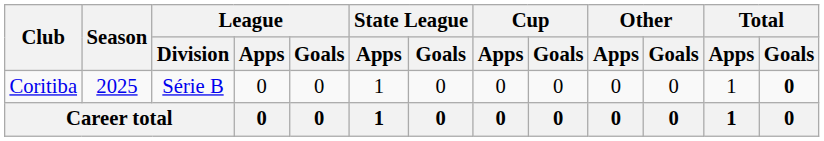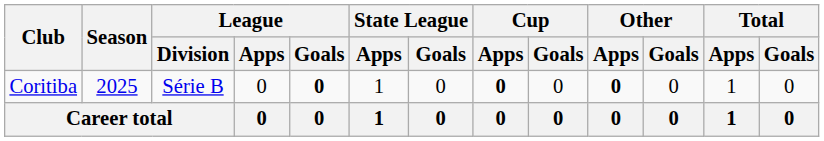 <table class=wikitable style=text-align:center>
 <tr>
 <th rowspan="2">Club</th>
 <th rowspan="2">Season</th>
 <th colspan="3">League</th>
 <th colspan="2">State League</th>
 <th colspan="2">Cup</th>
 <th colspan="2">Other</th>
 <th colspan="2">Total</th>
 </tr>
 <tr>
 <th>Division</th>
 <th>Apps</th>
 <th>Goals</th>
 <th>Apps</th>
 <th>Goals</th>
 <th>Apps</th>
 <th>Goals</th>
 <th>Apps</th>
 <th>Goals</th>
 <th>Apps</th>
 <th>Goals</th>
 </tr>
 <tr>
 <td><a href='#'>Coritiba</a></td>
 <td><a href='#'>2025</a></td>
 <td><a href='#'>Série B</a></td>
 <td>0</td>
+<td><strong>0</strong></td>
+<td>1</td>
+<td>0</td>
+<td><strong>0</strong></td>
+<td>0</td>
+<td><strong>0</strong></td>
 <td>0</td>
 <td>1</td>
 <td>0</td>
-<td>0</td>
-<td>0</td>
-<td>0</td>
-<td>0</td>
-<td>1</td>
-<td><strong>0</strong></td>
 </tr>
 <tr>
 <th colspan="3"><strong>Career total</strong></th>
 <th>0</th>
 <th>0</th>
 <th>1</th>
 <th>0</th>
 <th>0</th>
 <th>0</th>
 <th>0</th>
 <th>0</th>
 <th>1</th>
 <th>0</th>
 </tr>
 </table>
